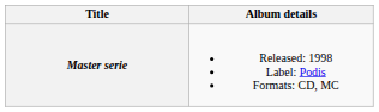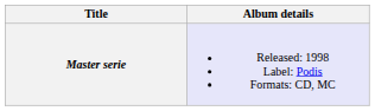 <table class="wikitable plainrowheaders" style="text-align:center;">
 <tr>
 <th scope="col" style="width:15em;">Title</th>
 <th scope="col" style="width:15em;">Album details</th>
 </tr>
 <tr>
 <th scope="row"><em>Master serie</em></th>
-<td><br><ul><li>Released: 1998</li><li>Label: <a href='#'>Podis</a></li><li>Formats: CD, MC</li></ul></td>
+<td style="background: lavender;"><br><ul><li>Released: 1998</li><li>Label: <a href='#'>Podis</a></li><li>Formats: CD, MC</li></ul></td>
 </tr>
 </table>
